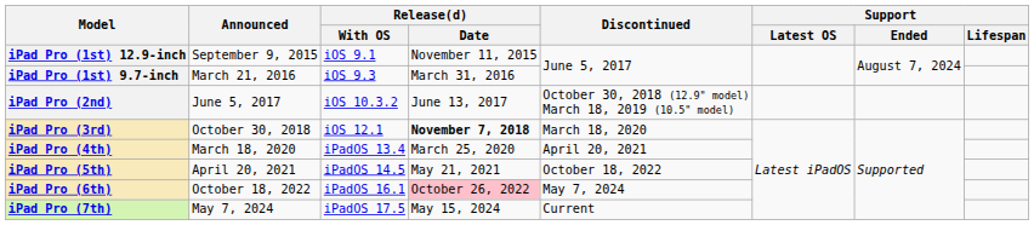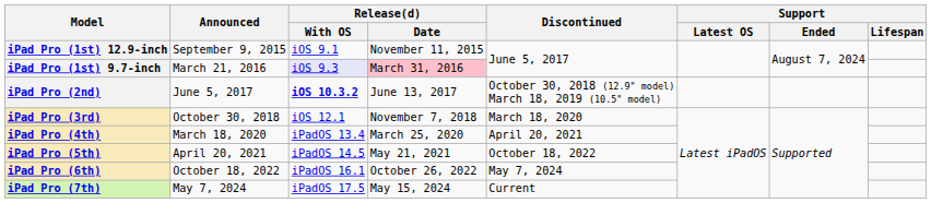 <table class="wikitable sortable mw-datatable sticky-header-multi">
 <tr>
 <th scope="col" rowspan="2" class="unsortable">Model</th>
 <th scope="col" rowspan="2" class="unsortable">Announced</th>
 <th scope="colgroup" colspan="2" class="unsortable">Release(d)</th>
 <th scope="col" rowspan="2" class="unsortable" data-sort-type="date">Discontinued</th>
 <th scope="colgroup" colspan="3" class="unsortable">Support</th>
 </tr>
 <tr>
 <th scope="col" class="unsortable">With OS</th>
 <th scope="col" class="unsortable">Date</th>
 <th scope="col" class="unsortable">Latest OS</th>
 <th scope="col" class="unsortable">Ended</th>
 <th scope="col" class="unsortable">Lifespan</th>
 </tr>
 <tr>
 <th scope="row" style="text-align: left;"><a href='#'>iPad Pro (1st)</a> 12.9-inch</th>
 <td>September 9, 2015</td>
 <td><a href='#'>iOS 9.1</a></td>
 <td>November 11, 2015</td>
 <td rowspan="2">June 5, 2017</td>
 <td rowspan="2"></td>
 <td rowspan="2">August 7, 2024</td>
 <td></td>
 </tr>
 <tr>
 <th scope="row" style="text-align: left;"><a href='#'>iPad Pro (1st)</a> 9.7-inch</th>
 <td>March 21, 2016</td>
-<td><a href='#'>iOS 9.3</a></td>
-<td>March 31, 2016</td>
+<td style="background: lavender;"><a href='#'>iOS 9.3</a></td>
+<td style="background: pink;">March 31, 2016</td>
 <td></td>
 </tr>
 <tr>
 <th scope="row" style="text-align: left;"><a href='#'>iPad Pro (2nd)</a></th>
 <td>June 5, 2017</td>
-<td><a href='#'>iOS 10.3.2</a></td>
+<td><strong><a href='#'>iOS 10.3.2</a></strong></td>
 <td>June 13, 2017</td>
 <td>October 30, 2018 <small>(12.9" model)</small><br>March 18, 2019 <small>(10.5" model)</small></td>
 <td></td>
 <td></td>
 <td></td>
 </tr>
 <tr>
 <th scope="row" style="background:#f8eaba;text-align: left;"><a href='#'>iPad Pro (3rd)</a></th>
 <td>October 30, 2018</td>
 <td><a href='#'>iOS 12.1</a></td>
-<td><strong>November 7, 2018</strong></td>
+<td>November 7, 2018</td>
 <td>March 18, 2020</td>
 <td rowspan="5"><em>Latest iPadOS</em><br><small></small></td>
 <td rowspan="5"><em>Supported</em><br><small></small></td>
 <td></td>
 </tr>
 <tr>
 <th scope="row" style="background:#f8eaba;text-align: left;"><a href='#'>iPad Pro (4th)</a></th>
 <td>March 18, 2020</td>
 <td><a href='#'>iPadOS 13.4</a></td>
 <td>March 25, 2020</td>
 <td>April 20, 2021</td>
 <td></td>
 </tr>
 <tr>
 <th scope="row" style="background:#f8eaba;text-align: left;"><a href='#'>iPad Pro (5th)</a></th>
 <td>April 20, 2021</td>
 <td><a href='#'>iPadOS 14.5</a></td>
 <td>May 21, 2021</td>
 <td>October 18, 2022</td>
 <td></td>
 </tr>
 <tr>
 <th scope="row" style="background:#f8eaba;text-align: left;"><a href='#'>iPad Pro (6th)</a></th>
 <td>October 18, 2022</td>
 <td><a href='#'>iPadOS 16.1</a></td>
-<td style="background: pink;">October 26, 2022</td>
+<td>October 26, 2022</td>
 <td>May 7, 2024</td>
 <td></td>
 </tr>
 <tr>
 <th scope="row" style="background:#d4f4b4;text-align: left;"><a href='#'>iPad Pro (7th)</a></th>
 <td>May 7, 2024</td>
 <td><a href='#'>iPadOS 17.5</a></td>
 <td>May 15, 2024</td>
 <td>Current</td>
 <td></td>
 </tr>
 </table>
